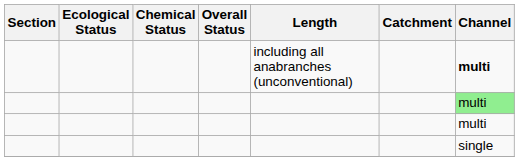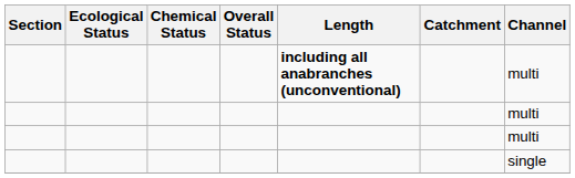 <table class="wikitable">
 <tr>
 <th>Section</th>
 <th>Ecological<br>Status</th>
 <th>Chemical<br>Status</th>
 <th>Overall<br>Status</th>
 <th>Length</th>
 <th>Catchment</th>
 <th>Channel</th>
 </tr>
 <tr>
 <td></td>
 <td></td>
 <td></td>
 <td></td>
-<td> including all anabranches (unconventional)</td>
+<td><strong> including all anabranches (unconventional)</strong></td>
 <td></td>
-<td><strong>multi</strong></td>
+<td>multi</td>
 </tr>
 <tr>
 <td></td>
 <td></td>
 <td></td>
 <td></td>
 <td></td>
 <td></td>
-<td style="background: lightgreen;">multi</td>
+<td>multi</td>
 </tr>
 <tr>
 <td></td>
 <td></td>
 <td></td>
 <td></td>
 <td></td>
 <td></td>
 <td>multi</td>
 </tr>
 <tr>
 <td></td>
 <td></td>
 <td></td>
 <td></td>
 <td></td>
 <td></td>
 <td>single</td>
 </tr>
 <tr>
 </tr>
 </table>
